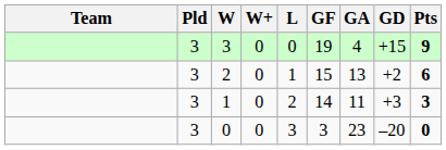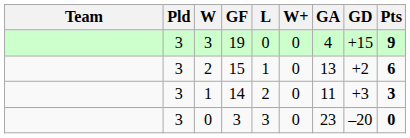 <table class="wikitable" style="text-align:center;">
 <tr>
 <th width=150>Team</th>
 <th width=20>Pld</th>
 <th width=20>W</th>
+<th width=20>GF</th>
+<th width=20>L</th>
 <th width=20>W+</th>
-<th width=20>L</th>
-<th width=20>GF</th>
 <th width=20>GA</th>
 <th width=20>GD</th>
 <th width=20>Pts</th>
 </tr>
 <tr align=center style="background:#ccffcc;">
 <td align="left"></td>
 <td>3</td>
 <td>3</td>
+<td>19</td>
 <td>0</td>
 <td>0</td>
-<td>19</td>
 <td>4</td>
 <td>+15</td>
 <td><strong>9</strong></td>
 </tr>
 <tr align=center>
 <td align="left"></td>
 <td>3</td>
 <td>2</td>
+<td>15</td>
+<td>1</td>
 <td>0</td>
-<td>1</td>
-<td>15</td>
 <td>13</td>
 <td>+2</td>
 <td><strong>6</strong></td>
 </tr>
 <tr align=center>
 <td align="left"></td>
 <td>3</td>
 <td>1</td>
+<td>14</td>
+<td>2</td>
 <td>0</td>
-<td>2</td>
-<td>14</td>
 <td>11</td>
 <td>+3</td>
 <td><strong>3</strong></td>
 </tr>
 <tr align=center>
 <td align="left"></td>
 <td>3</td>
 <td>0</td>
-<td>0</td>
 <td>3</td>
 <td>3</td>
+<td>0</td>
 <td>23</td>
 <td>–20</td>
 <td><strong>0</strong></td>
 </tr>
 </table>
